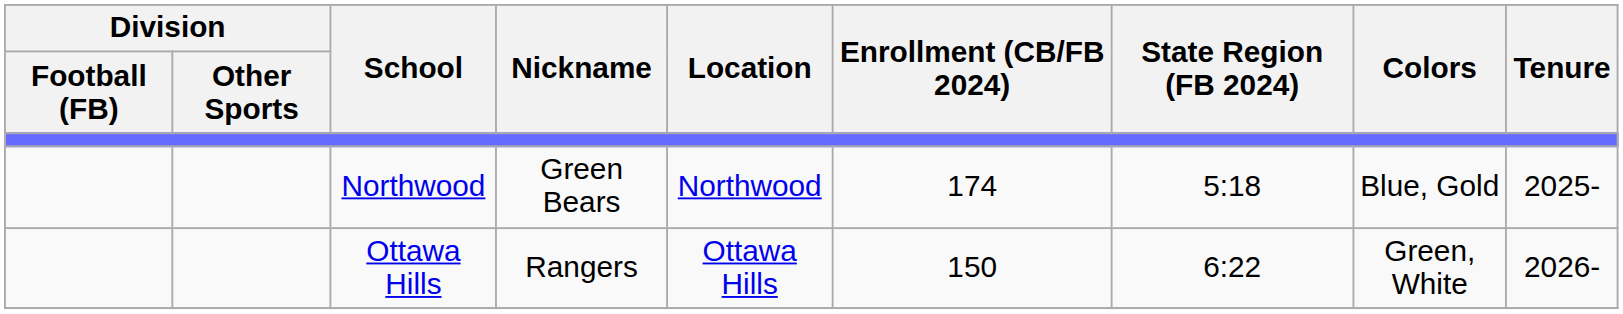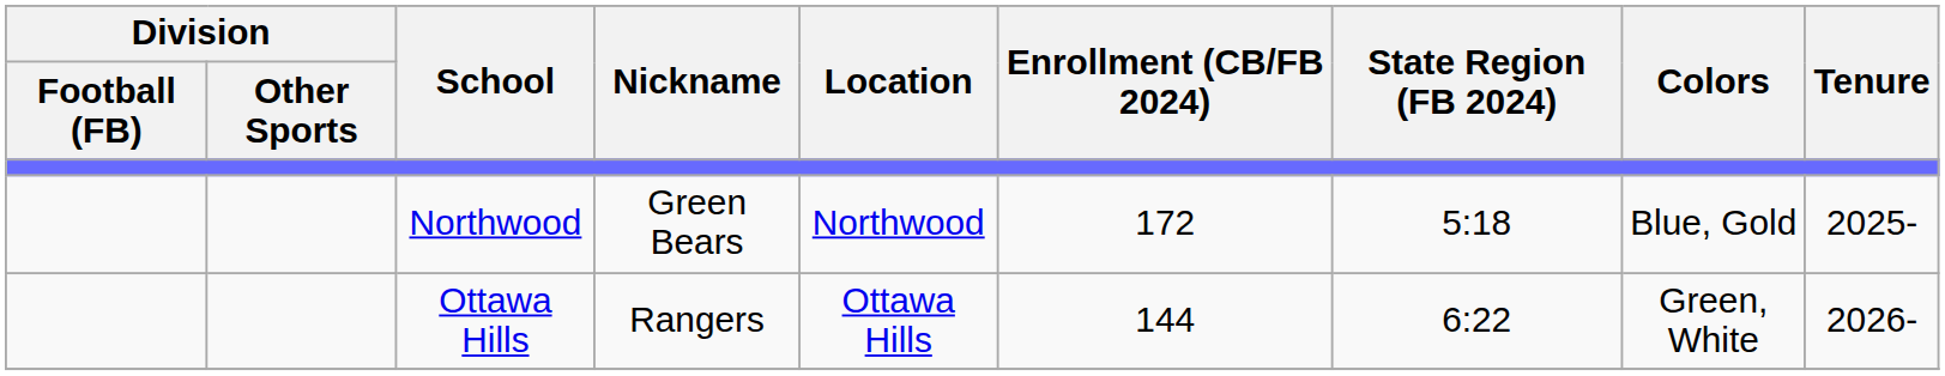 <table class="wikitable sortable">
 <tr>
 <th colspan="2">Division</th>
 <th rowspan="2">School</th>
 <th rowspan="2">Nickname</th>
 <th rowspan="2">Location</th>
 <th rowspan="2">Enrollment (CB/FB 2024)</th>
 <th rowspan="2">State Region (FB 2024)</th>
 <th rowspan="2">Colors</th>
 <th rowspan="2">Tenure</th>
 </tr>
 <tr>
 <th>Football (FB)</th>
 <th>Other Sports</th>
 </tr>
 <tr>
 <th colspan="9" style="background:#676AFE;"></th>
 </tr>
 <tr>
 <td align=center></td>
 <td align=center></td>
 <td align=center><a href='#'>Northwood</a></td>
 <td align=center>Green Bears</td>
 <td align=center><a href='#'>Northwood</a></td>
-<td align=center>174</td>
+<td align=center>172</td>
 <td align=center>5:18</td>
 <td align=center>Blue, Gold <br> </td>
 <td align=center>2025-</td>
 </tr>
 <tr>
 <td align=center></td>
 <td align=center></td>
 <td align=center><a href='#'>Ottawa Hills</a></td>
 <td align=center>Rangers</td>
 <td align=center><a href='#'>Ottawa Hills</a></td>
-<td align=center>150</td>
+<td align=center>144</td>
 <td align=center>6:22</td>
 <td align=center>Green, White <br>  </td>
 <td align=center>2026-</td>
 </tr>
 <tr>
 </tr>
 </table>
